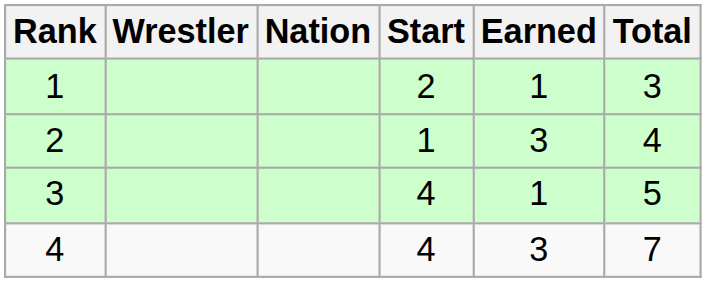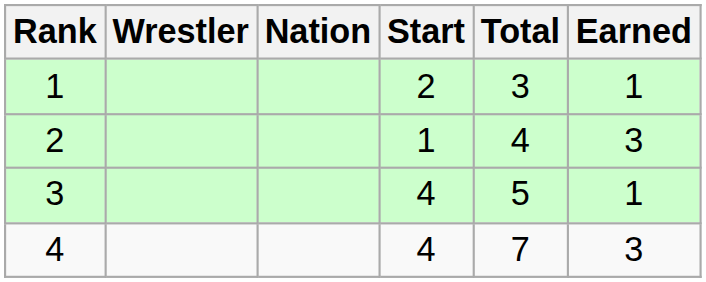 <table class="wikitable sortable" style="text-align:center;">
 <tr>
 <th>Rank</th>
 <th>Wrestler</th>
 <th>Nation</th>
 <th>Start</th>
+<th>Total</th>
 <th>Earned</th>
-<th>Total</th>
 </tr>
 <tr style="background:#cfc;">
 <td>1</td>
 <td align=left></td>
 <td align=left></td>
 <td>2</td>
+<td>3</td>
 <td>1</td>
-<td>3</td>
 </tr>
 <tr style="background:#cfc;">
 <td>2</td>
 <td align=left></td>
 <td align=left></td>
 <td>1</td>
+<td>4</td>
 <td>3</td>
-<td>4</td>
 </tr>
 <tr style="background:#cfc;">
 <td>3</td>
 <td align=left></td>
 <td align=left></td>
 <td>4</td>
+<td>5</td>
 <td>1</td>
-<td>5</td>
 </tr>
 <tr>
 <td>4</td>
 <td align=left></td>
 <td align=left></td>
 <td>4</td>
+<td>7</td>
 <td>3</td>
-<td>7</td>
 </tr>
 </table>
